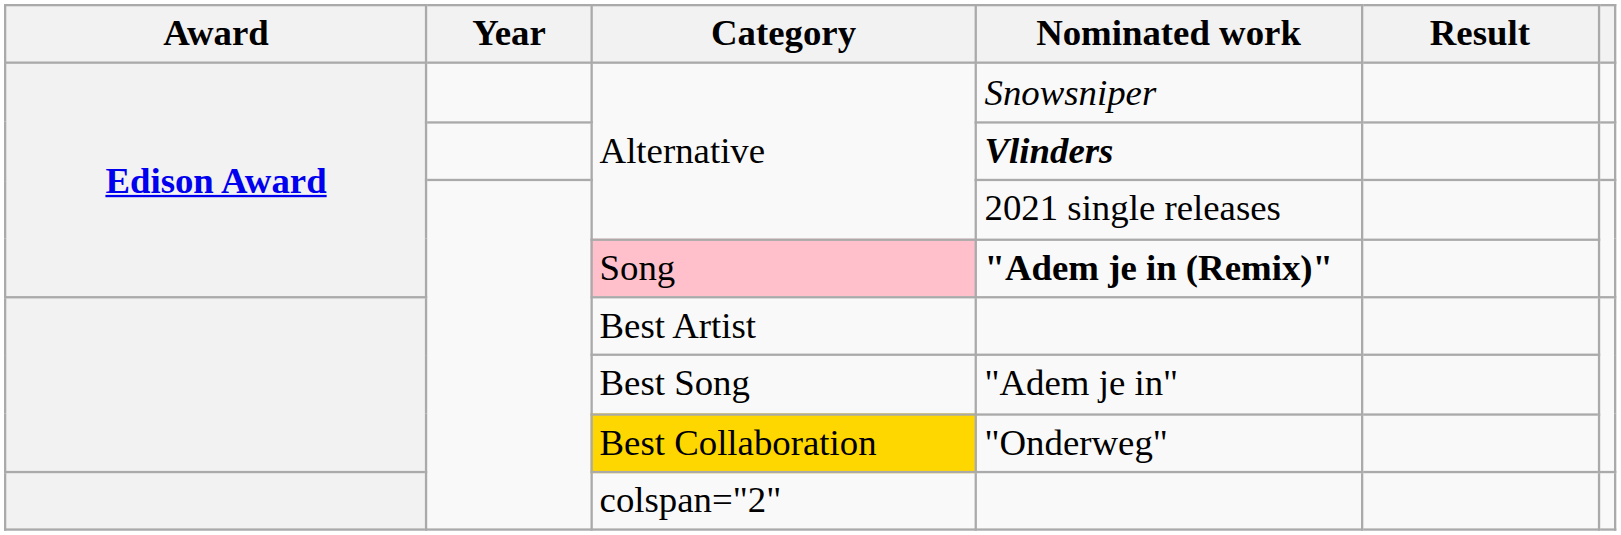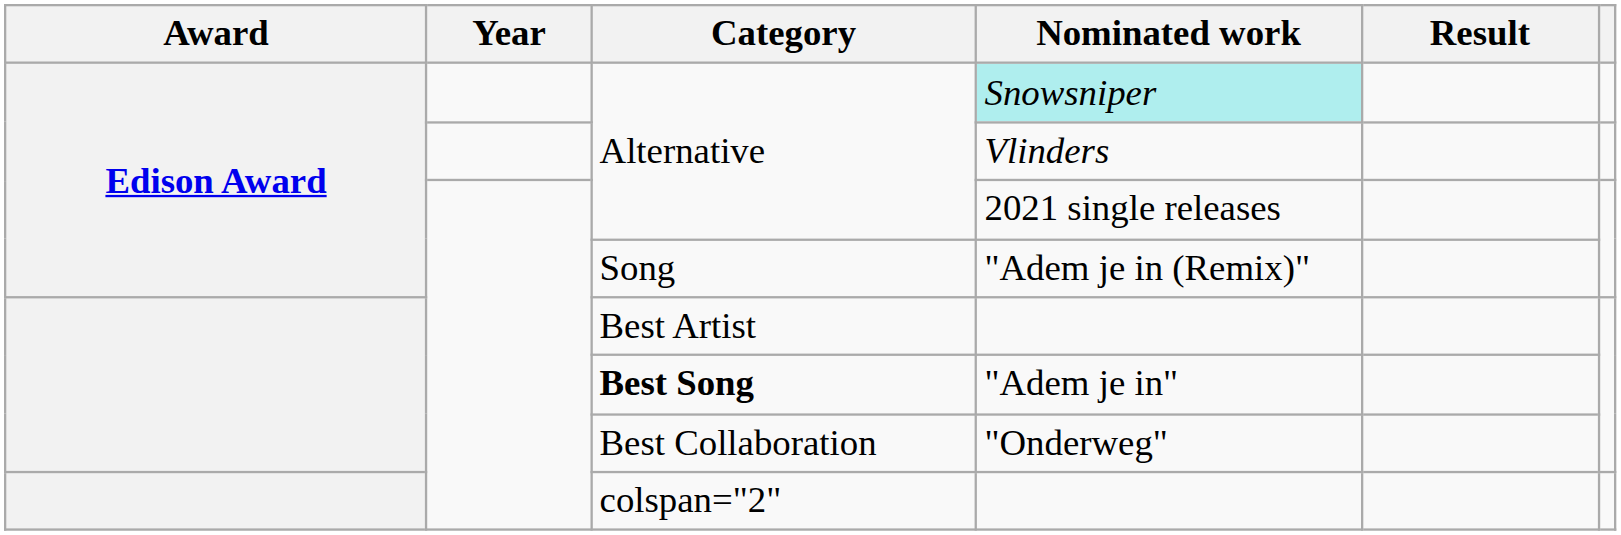 <table class="wikitable plainrowheaders">
 <tr>
 <th scope="col" style="width:11em;">Award</th>
 <th scope="col" style="width:4em;">Year</th>
 <th scope="col" style="width:10em;">Category</th>
 <th scope="col" style="width:10em;">Nominated work</th>
 <th scope="col" style="width:6em;">Result</th>
 <th scope="col"></th>
 </tr>
 <tr>
 <th scope="row" rowspan="4"><a href='#'>Edison Award</a></th>
 <td></td>
 <td rowspan="3">Alternative</td>
-<td><em>Snowsniper</em></td>
+<td style="background: paleturquoise;"><em>Snowsniper</em></td>
 <td></td>
 <td></td>
 </tr>
 <tr>
 <td></td>
-<td><strong><em>Vlinders</em></strong></td>
+<td><em>Vlinders</em></td>
 <td></td>
 <td></td>
 </tr>
 <tr>
 <td rowspan="6"></td>
 <td>2021 single releases</td>
 <td></td>
 <td rowspan="2"></td>
 </tr>
 <tr>
-<td style="background: pink;">Song</td>
-<td><strong>"Adem je in (Remix)"</strong></td>
+<td>Song</td>
+<td>"Adem je in (Remix)"</td>
 <td></td>
 </tr>
 <tr>
 <th scope="row" rowspan="3"></th>
 <td>Best Artist</td>
 <td></td>
 <td></td>
 <td rowspan="3"></td>
 </tr>
 <tr>
-<td>Best Song</td>
+<td><strong>Best Song</strong></td>
 <td>"Adem je in"</td>
 <td></td>
 </tr>
 <tr>
-<td style="background: gold;">Best Collaboration</td>
+<td>Best Collaboration</td>
 <td>"Onderweg"</td>
 <td></td>
 </tr>
 <tr>
 <th scope="row"></th>
 <td>colspan="2" </td>
 <td></td>
 <td></td>
 </tr>
 </table>
